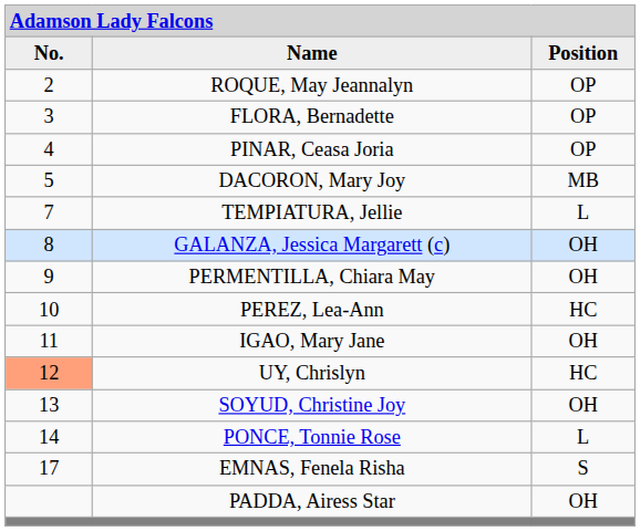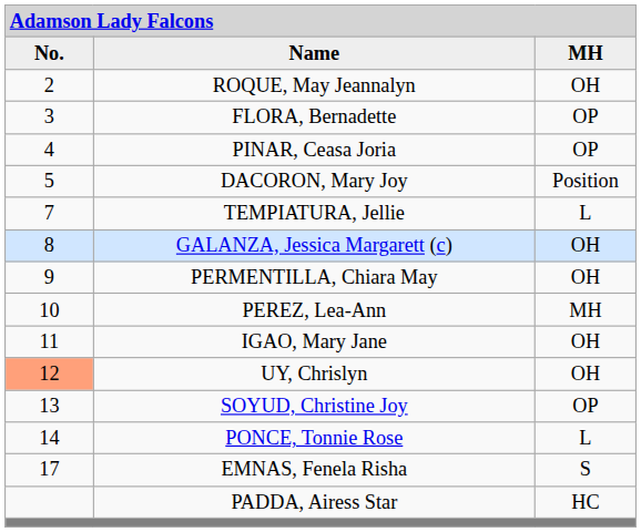 <table class='wikitable mw-collapsible mw-collapsed' style="text-align: center; width: 500px; border: none">
 <tr>
 <th style="background:#D4D4D4; text-align:left;" colspan=3><a href='#'>Adamson Lady Falcons</a></th>
 </tr>
 <tr style="background:#EEEEEE; font-weight:bold;">
 <td width=10%>No.</td>
 <td width=50%>Name</td>
-<td width=10%>Position</td>
+<td align=center>MH</td>
 </tr>
 <tr>
 <td align=center>2</td>
 <td>ROQUE, May Jeannalyn</td>
-<td align=center>OP</td>
+<td align=center>OH</td>
 </tr>
 <tr>
 <td align=center>3</td>
 <td>FLORA, Bernadette</td>
 <td align=center>OP</td>
 </tr>
 <tr>
 <td align=center>4</td>
 <td>PINAR, Ceasa Joria</td>
 <td align=center>OP</td>
 </tr>
 <tr>
 <td align=center>5</td>
 <td>DACORON, Mary Joy</td>
-<td align=center>MB</td>
+<td width=10%>Position</td>
 </tr>
 <tr>
 <td align=center>7</td>
 <td>TEMPIATURA, Jellie</td>
 <td align=center>L</td>
 </tr>
 <tr style="background: #D0E6FF">
 <td align=center>8</td>
 <td><a href='#'>GALANZA, Jessica Margarett</a> (<a href='#'>c</a>)</td>
 <td align=center>OH</td>
 </tr>
 <tr>
 <td align=center>9</td>
 <td>PERMENTILLA, Chiara May</td>
 <td align=center>OH</td>
 </tr>
 <tr>
 <td align=center>10</td>
 <td>PEREZ, Lea-Ann</td>
-<td align=center>HC</td>
+<td align=center>MH</td>
 </tr>
 <tr>
 <td align=center>11</td>
 <td>IGAO, Mary Jane</td>
 <td align=center>OH</td>
 </tr>
 <tr>
 <td align=center style="background: lightsalmon;">12</td>
 <td>UY, Chrislyn</td>
-<td align=center>HC</td>
+<td align=center>OH</td>
 </tr>
 <tr>
 <td align=center>13</td>
 <td><a href='#'>SOYUD, Christine Joy</a></td>
-<td align=center>OH</td>
+<td align=center>OP</td>
 </tr>
 <tr>
 <td align=center>14</td>
 <td><a href='#'>PONCE, Tonnie Rose</a></td>
 <td align=center>L</td>
 </tr>
 <tr>
 <td align=center>17</td>
 <td>EMNAS, Fenela Risha</td>
 <td align=center>S</td>
 </tr>
 <tr>
 <td align=center></td>
 <td>PADDA, Airess Star</td>
-<td align=center>OH</td>
+<td align=center>HC</td>
 </tr>
 <tr>
 <th style='background: grey;' colspan=3></th>
 </tr>
 </table>
